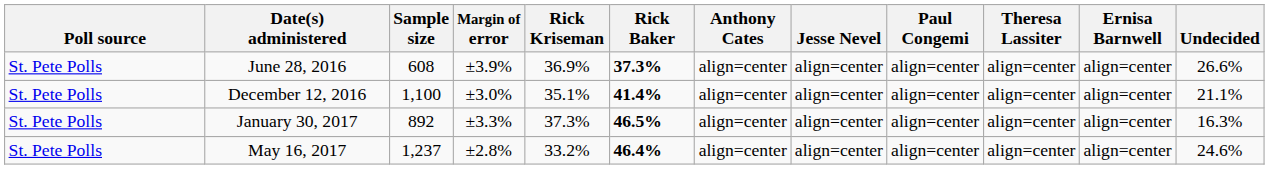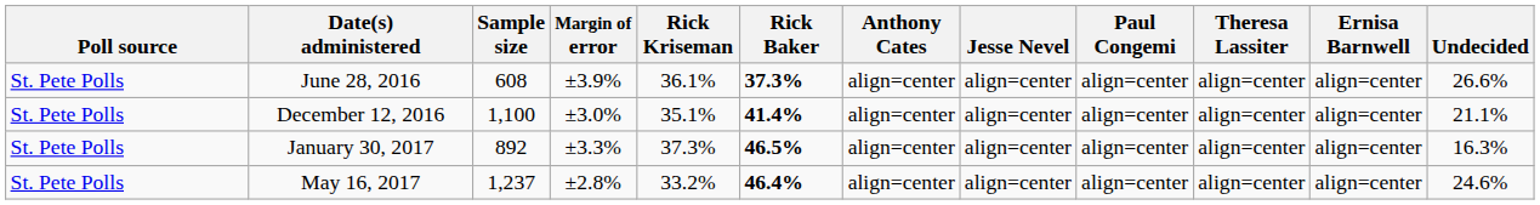 <table class="wikitable">
 <tr valign="bottom">
 <th style="width:175px;">Poll source</th>
 <th style="width:160px;">Date(s)<br>administered</th>
 <th class="small">Sample<br>size</th>
 <th><small>Margin of</small><br>error</th>
 <th style="width:70px;">Rick Kriseman</th>
 <th style="width:70px;">Rick Baker</th>
 <th style="width:70px;">Anthony Cates</th>
 <th style="width:70px;">Jesse Nevel</th>
 <th style="width:70px;">Paul Congemi</th>
 <th style="width:70px;">Theresa Lassiter</th>
 <th style="width:70px;">Ernisa Barnwell</th>
 <th>Undecided</th>
 </tr>
 <tr>
 <td><a href='#'>St. Pete Polls</a></td>
 <td align="center">June 28, 2016</td>
 <td align="center">608</td>
 <td align="center">±3.9%</td>
-<td align="center">36.9%</td>
+<td align="center">36.1%</td>
 <td><strong>37.3%</strong></td>
 <td>align=center </td>
 <td>align=center </td>
 <td>align=center </td>
 <td>align=center </td>
 <td>align=center </td>
 <td align="center">26.6%</td>
 </tr>
 <tr>
 <td><a href='#'>St. Pete Polls</a></td>
 <td align="center">December 12, 2016</td>
 <td align="center">1,100</td>
 <td align="center">±3.0%</td>
 <td align="center">35.1%</td>
 <td><strong>41.4%</strong></td>
 <td>align=center </td>
 <td>align=center </td>
 <td>align=center </td>
 <td>align=center </td>
 <td>align=center </td>
 <td align="center">21.1%</td>
 </tr>
 <tr>
 <td><a href='#'>St. Pete Polls</a></td>
 <td align="center">January 30, 2017</td>
 <td align="center">892</td>
 <td align="center">±3.3%</td>
 <td align="center">37.3%</td>
 <td><strong>46.5%</strong></td>
 <td>align=center </td>
 <td>align=center </td>
 <td>align=center </td>
 <td>align=center </td>
 <td>align=center </td>
 <td align="center">16.3%</td>
 </tr>
 <tr>
 <td><a href='#'>St. Pete Polls</a></td>
 <td align="center">May 16, 2017</td>
 <td align="center">1,237</td>
 <td align="center">±2.8%</td>
 <td align="center">33.2%</td>
 <td><strong>46.4%</strong></td>
 <td>align=center </td>
 <td>align=center </td>
 <td>align=center </td>
 <td>align=center </td>
 <td>align=center </td>
 <td align="center">24.6%</td>
 </tr>
 </table>
